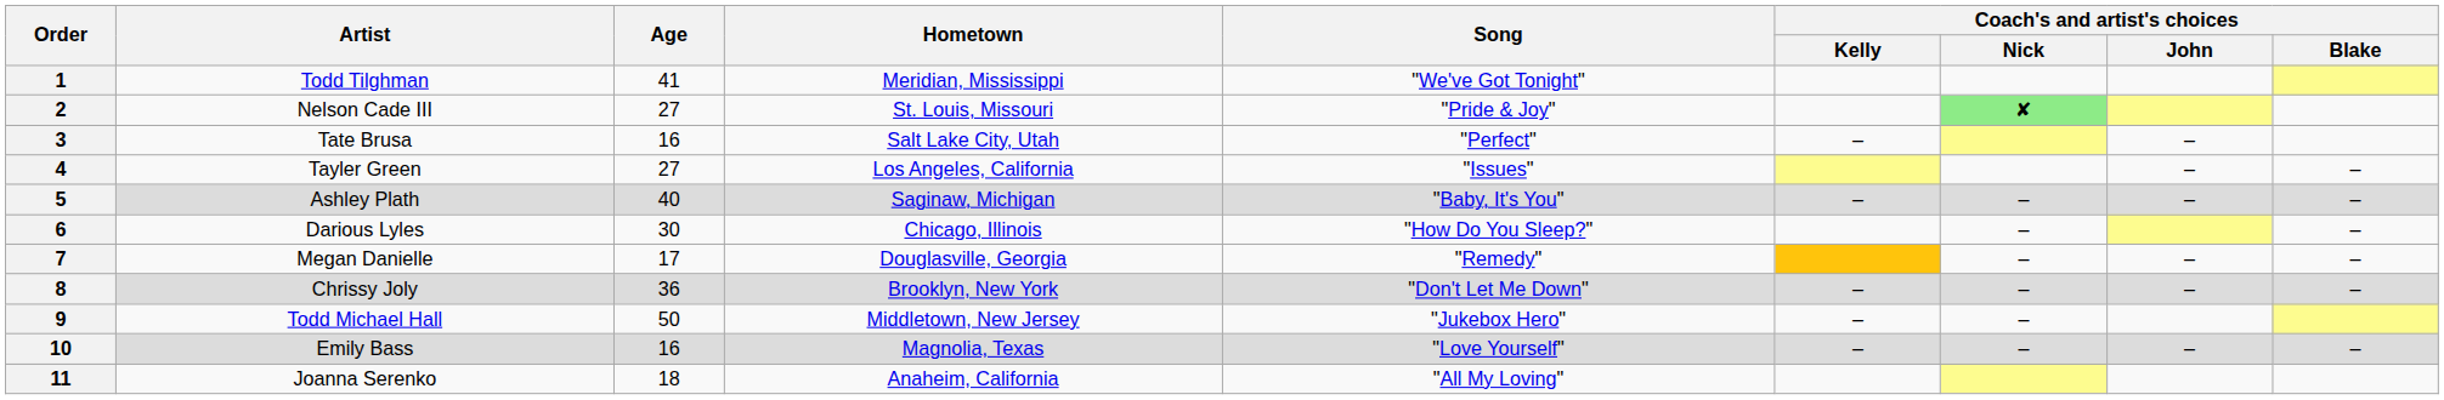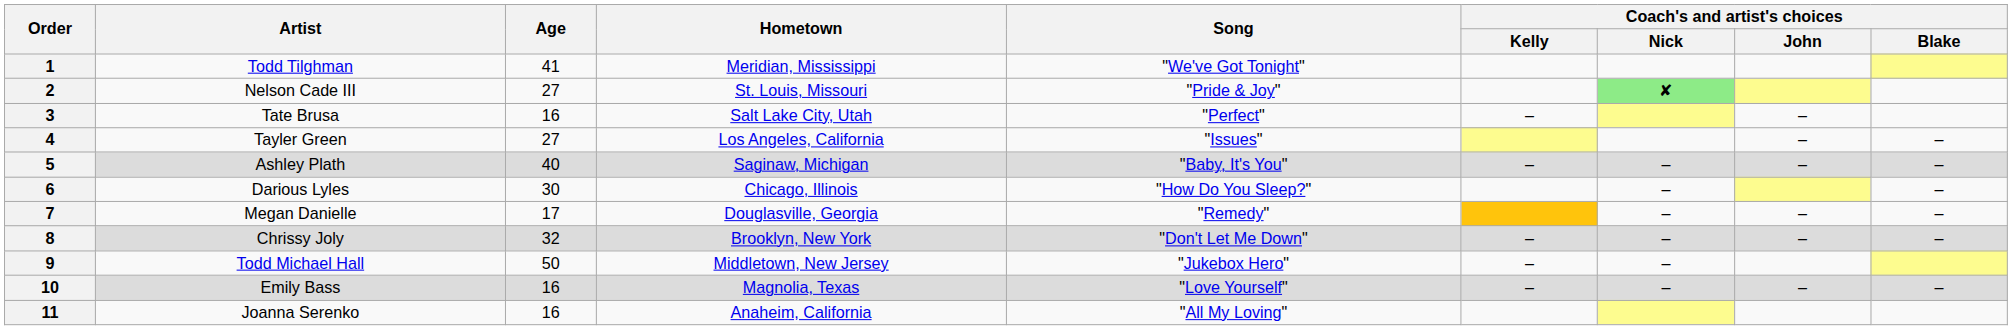 <table class="wikitable" style="text-align:center; line-height:17px; width:100%">
 <tr>
 <th scope="col" rowspan="2" style="width:04%">Order</th>
 <th scope="col" rowspan="2" style="width:18%">Artist</th>
 <th scope="col" rowspan="2" style="width:04%">Age</th>
 <th scope="col" rowspan="2" style="width:18%">Hometown</th>
 <th scope="col" rowspan="2" style="width:20%">Song</th>
 <th scope="col" colspan="4" style="width:24%">Coach's and artist's choices</th>
 </tr>
 <tr>
 <th stylw="width:06%">Kelly</th>
 <th style="width:06%">Nick</th>
 <th style="width:06%">John</th>
 <th style="width:06%">Blake</th>
 </tr>
 <tr>
 <th>1</th>
 <td><a href='#'>Todd Tilghman</a></td>
 <td>41</td>
 <td><a href='#'>Meridian, Mississippi</a></td>
 <td>"<a href='#'>We've Got Tonight</a>"</td>
 <td><em></em></td>
 <td><em></em></td>
 <td><em></em></td>
 <td bgcolor="#fdfc8f"><em></em></td>
 </tr>
 <tr>
 <th>2</th>
 <td>Nelson Cade III</td>
 <td>27</td>
 <td><a href='#'>St. Louis, Missouri</a></td>
 <td>"<a href='#'>Pride & Joy</a>"</td>
 <td><em></em></td>
 <td style="background:#8deb87">✘</td>
 <td bgcolor="#fdfc8f"><em></em></td>
 <td><em></em></td>
 </tr>
 <tr>
 <th>3</th>
 <td>Tate Brusa</td>
 <td>16</td>
 <td><a href='#'>Salt Lake City, Utah</a></td>
 <td>"<a href='#'>Perfect</a>"</td>
 <td>–</td>
 <td bgcolor="#fdfc8f"><em></em></td>
 <td>–</td>
 <td><em></em></td>
 </tr>
 <tr>
 <th>4</th>
 <td>Tayler Green</td>
 <td>27</td>
 <td><a href='#'>Los Angeles, California</a></td>
 <td>"<a href='#'>Issues</a>"</td>
 <td bgcolor="#fdfc8f"><em></em></td>
 <td><em></em></td>
 <td>–</td>
 <td>–</td>
 </tr>
 <tr style="background:#DCDCDC">
 <th>5</th>
 <td>Ashley Plath</td>
 <td>40</td>
 <td><a href='#'>Saginaw, Michigan</a></td>
 <td>"<a href='#'>Baby, It's You</a>"</td>
 <td>–</td>
 <td>–</td>
 <td>–</td>
 <td>–</td>
 </tr>
 <tr>
 <th>6</th>
 <td>Darious Lyles</td>
 <td>30</td>
 <td><a href='#'>Chicago, Illinois</a></td>
 <td>"<a href='#'>How Do You Sleep?</a>"</td>
 <td><em></em></td>
 <td>–</td>
 <td bgcolor="#fdfc8f"><em></em></td>
 <td>–</td>
 </tr>
 <tr>
 <th>7</th>
 <td>Megan Danielle</td>
 <td>17</td>
 <td><a href='#'>Douglasville, Georgia</a></td>
 <td>"<a href='#'>Remedy</a>"</td>
 <td style="background:#ffc40c"><em></em></td>
 <td>–</td>
 <td>–</td>
 <td>–</td>
 </tr>
 <tr style="background:#DCDCDC">
 <th>8</th>
 <td>Chrissy Joly</td>
-<td>36</td>
+<td>32</td>
 <td><a href='#'>Brooklyn, New York</a></td>
 <td>"<a href='#'>Don't Let Me Down</a>"</td>
 <td>–</td>
 <td>–</td>
 <td>–</td>
 <td>–</td>
 </tr>
 <tr>
 <th>9</th>
 <td><a href='#'>Todd Michael Hall</a></td>
 <td>50</td>
 <td><a href='#'>Middletown, New Jersey</a></td>
 <td>"<a href='#'>Jukebox Hero</a>"</td>
 <td>–</td>
 <td>–</td>
 <td><em></em></td>
 <td bgcolor="#fdfc8f"><em></em></td>
 </tr>
 <tr style="background:#DCDCDC">
 <th>10</th>
 <td>Emily Bass</td>
 <td>16</td>
 <td><a href='#'>Magnolia, Texas</a></td>
 <td>"<a href='#'>Love Yourself</a>"</td>
 <td>–</td>
 <td>–</td>
 <td>–</td>
 <td>–</td>
 </tr>
 <tr>
 <th>11</th>
 <td>Joanna Serenko</td>
-<td>18</td>
+<td>16</td>
 <td><a href='#'>Anaheim, California</a></td>
 <td>"<a href='#'>All My Loving</a>"</td>
 <td><em></em></td>
 <td bgcolor="#fdfc8f"><em></em></td>
 <td><em></em></td>
 <td><em></em></td>
 </tr>
 </table>
